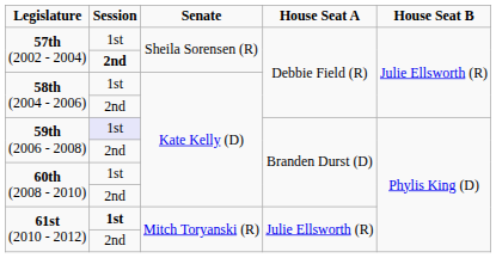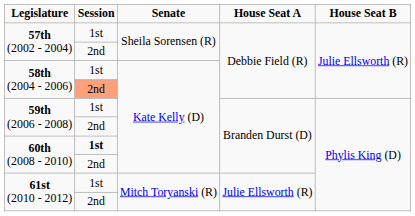 <table class=wikitable style="text-align:center">
 <tr>
 <td><strong>Legislature</strong></td>
 <td><strong>Session</strong></td>
 <td><strong>Senate</strong></td>
 <td><strong>House Seat A</strong></td>
 <td><strong>House Seat B</strong></td>
 </tr>
 <tr>
 <td rowspan="2" colspan="1" style="text-align: center;"><strong>57th</strong> <br> (2002 - 2004)</td>
 <td>1st</td>
 <td rowspan="2" colspan="1" style="text-align: center;" >Sheila Sorensen (R)</td>
 <td rowspan="4" colspan="1" style="text-align: center;" >Debbie Field (R)</td>
 <td rowspan="4" colspan="1" style="text-align: center;" ><a href='#'>Julie Ellsworth</a> (R)</td>
 </tr>
 <tr>
-<td><strong>2nd</strong></td>
+<td>2nd</td>
 </tr>
 <tr>
 <td rowspan="2" colspan="1" style="text-align: center;"><strong>58th</strong> <br> (2004 - 2006)</td>
 <td>1st</td>
 <td rowspan="6" colspan="1" style="text-align: center;" ><a href='#'>Kate Kelly</a> (D)</td>
 </tr>
 <tr>
-<td>2nd</td>
+<td style="background: lightsalmon;">2nd</td>
 </tr>
 <tr>
 <td rowspan="2" colspan="1" style="text-align: center;"><strong>59th</strong> <br> (2006 - 2008)</td>
-<td style="background: lavender;">1st</td>
+<td>1st</td>
 <td rowspan="4" colspan="1" style="text-align: center;" >Branden Durst (D)</td>
 <td rowspan="6" colspan="1" style="text-align: center;" ><a href='#'>Phylis King</a> (D)</td>
 </tr>
 <tr>
 <td>2nd</td>
 </tr>
 <tr>
 <td rowspan="2" colspan="1" style="text-align: center;"><strong>60th</strong> <br> (2008 - 2010)</td>
-<td>1st</td>
+<td><strong>1st</strong></td>
 </tr>
 <tr>
 <td>2nd</td>
 </tr>
 <tr>
 <td rowspan="2" colspan="1" style="text-align: center;"><strong>61st</strong> <br> (2010 - 2012)</td>
-<td><strong>1st</strong></td>
+<td>1st</td>
 <td rowspan="2" colspan="1" style="text-align: center;" ><a href='#'>Mitch Toryanski</a> (R)</td>
 <td rowspan="2" colspan="1" style="text-align: center;" ><a href='#'>Julie Ellsworth</a> (R)</td>
 </tr>
 <tr>
 <td>2nd</td>
 </tr>
 </table>
